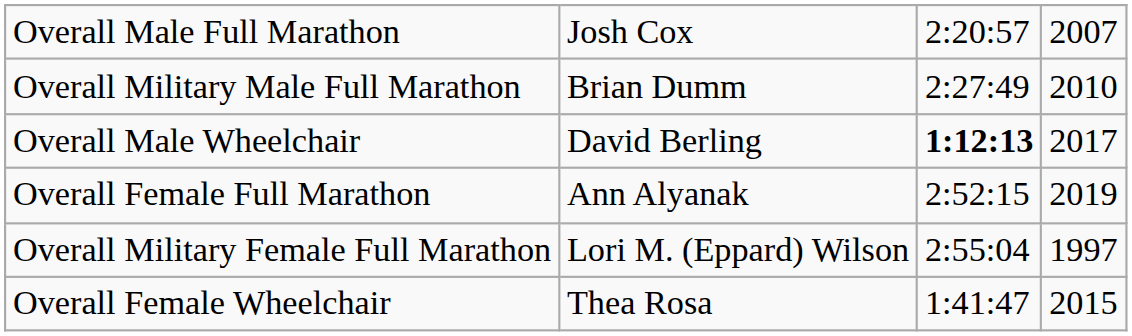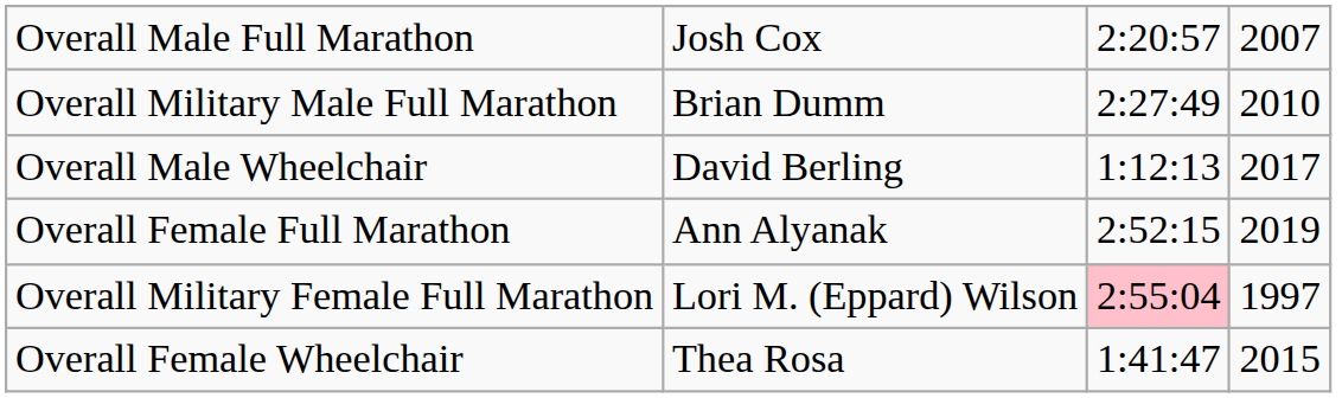 <table class="wikitable">
 <tr>
 <td>Overall Male Full Marathon</td>
 <td>Josh Cox</td>
 <td>2:20:57</td>
 <td>2007</td>
 </tr>
 <tr>
 <td>Overall Military Male Full Marathon</td>
 <td>Brian Dumm</td>
 <td>2:27:49</td>
 <td>2010</td>
 </tr>
 <tr>
 <td>Overall Male Wheelchair</td>
 <td>David Berling</td>
-<td><strong>1:12:13</strong></td>
+<td>1:12:13</td>
 <td>2017</td>
 </tr>
 <tr>
 <td>Overall Female Full Marathon</td>
 <td>Ann Alyanak</td>
 <td>2:52:15</td>
 <td>2019</td>
 </tr>
 <tr>
 <td>Overall Military Female Full Marathon</td>
 <td>Lori M. (Eppard) Wilson</td>
-<td>2:55:04</td>
+<td style="background: pink;">2:55:04</td>
 <td>1997</td>
 </tr>
 <tr>
 <td>Overall Female Wheelchair</td>
 <td>Thea Rosa</td>
 <td>1:41:47</td>
 <td>2015</td>
 </tr>
 </table>
